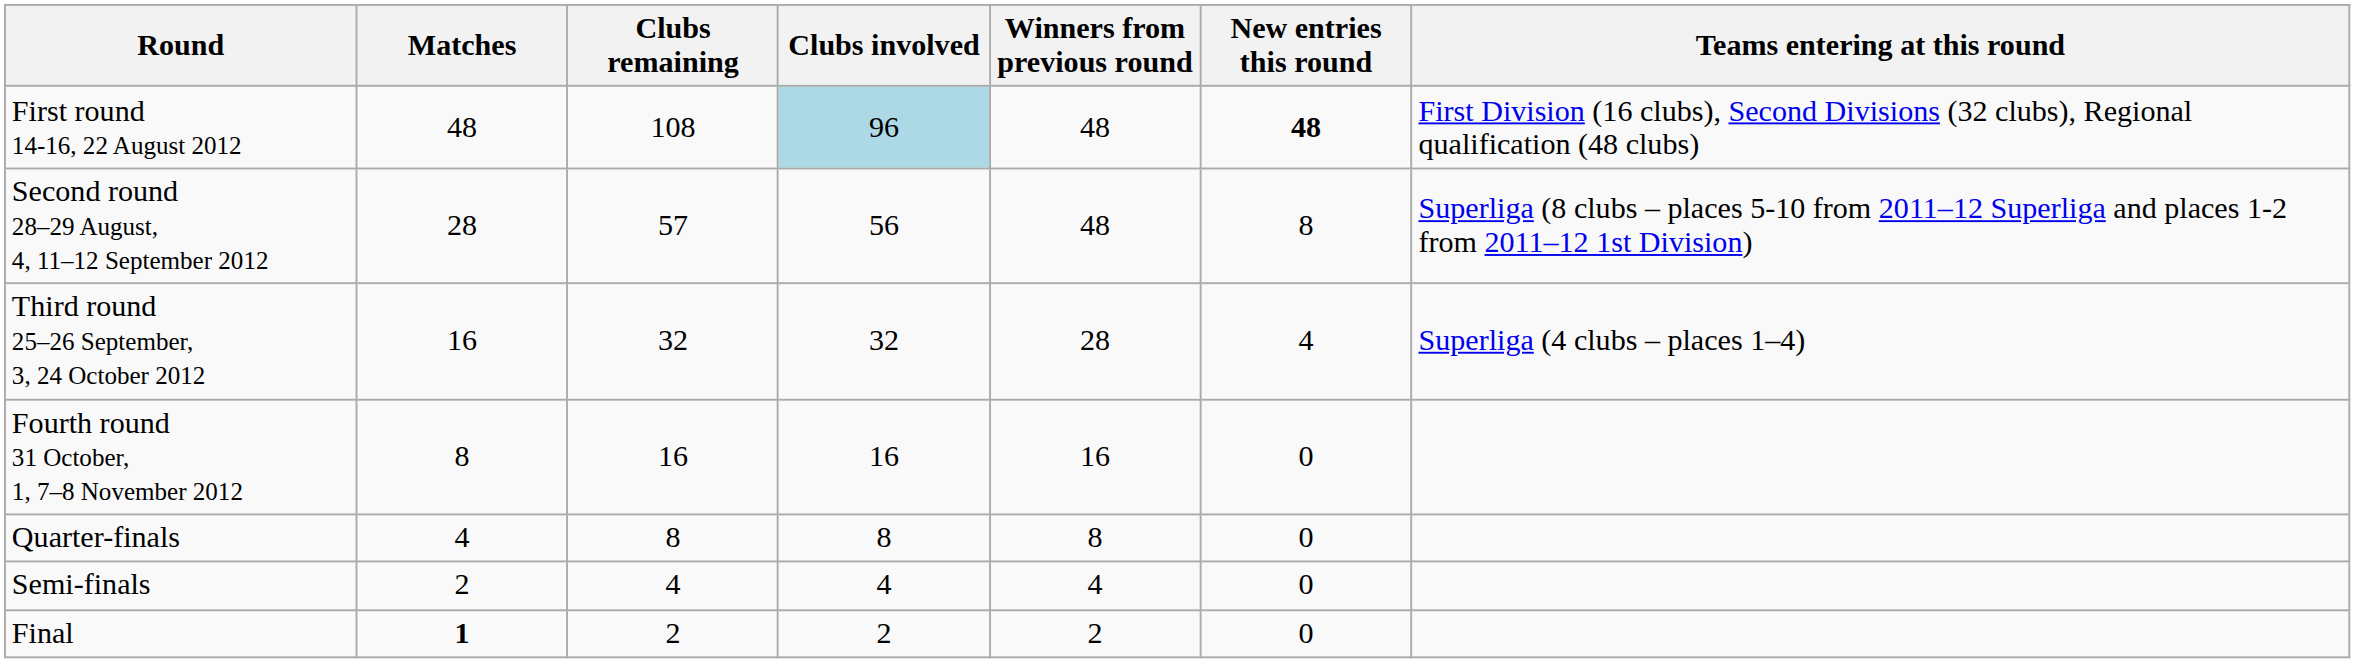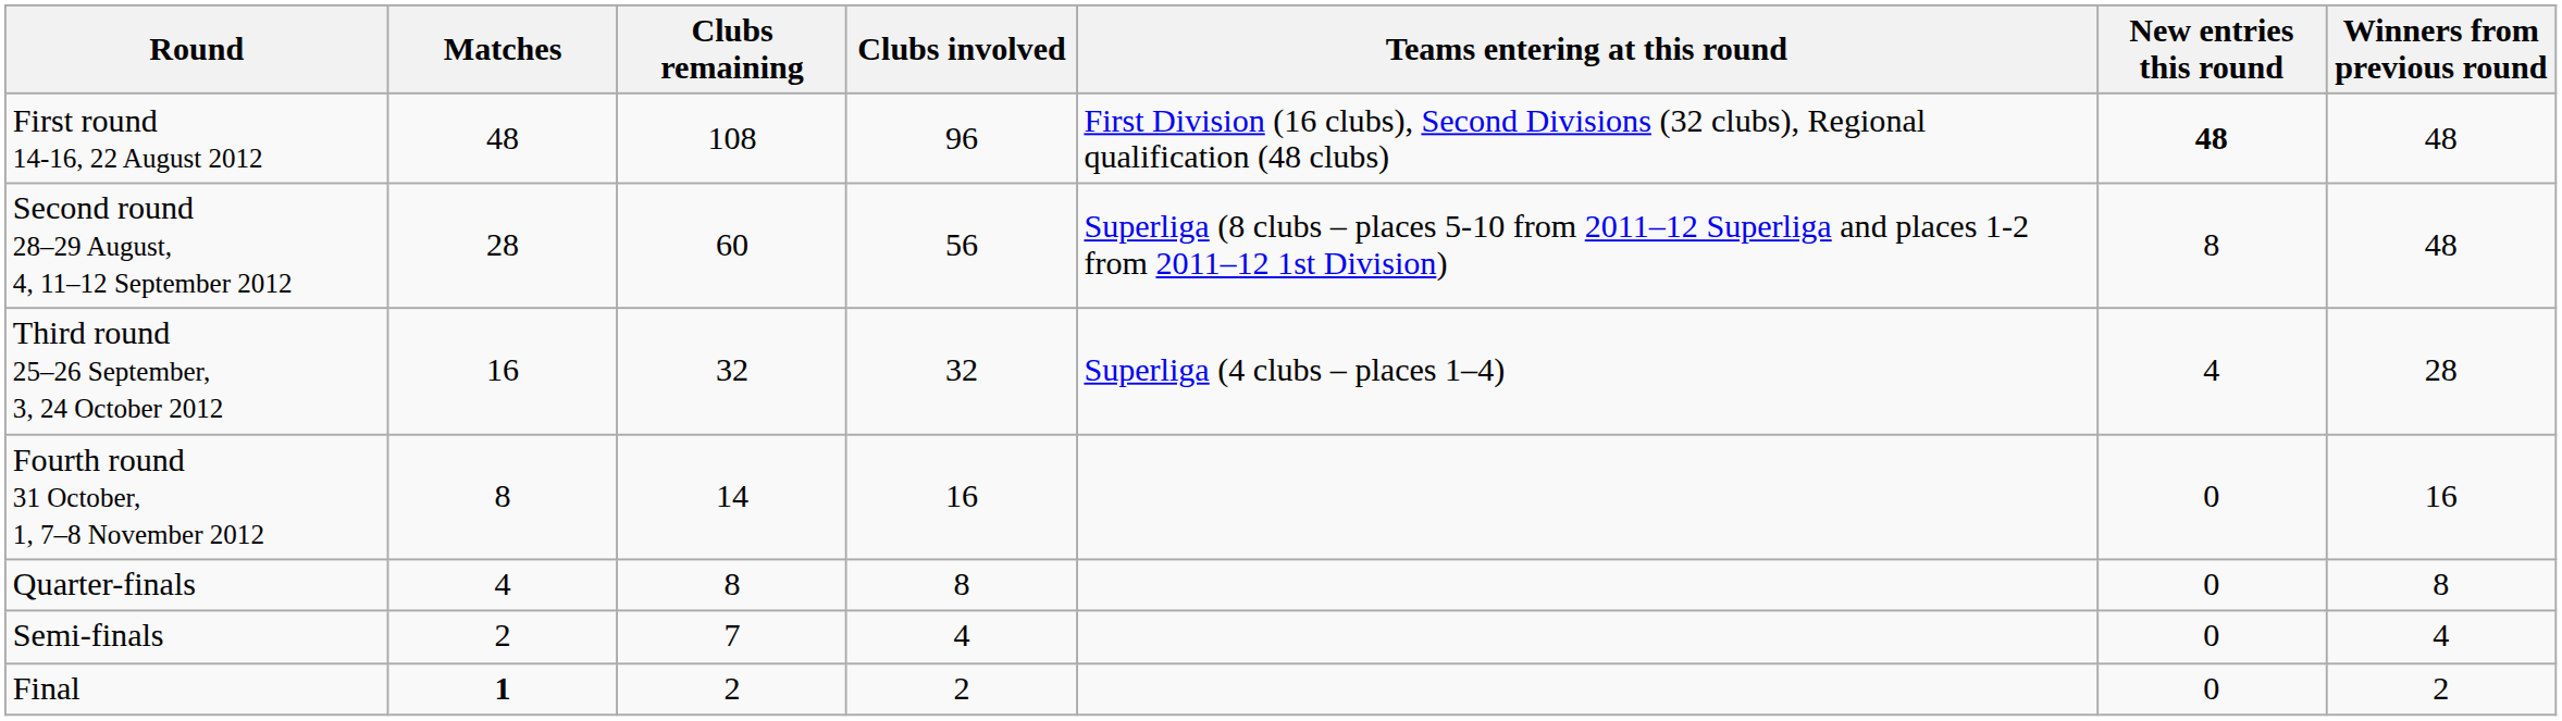 <table class="wikitable" style="text-align:center;">
 <tr>
 <th style="width:15%;">Round</th>
 <th style="width:9%;">Matches</th>
 <th style="width:9%;">Clubs remaining</th>
 <th style="width:9%;">Clubs involved</th>
+<th style="width:40%;">Teams entering at this round</th>
+<th style="widt9h:9%;">New entries this round</th>
 <th style="width:9%;">Winners from previous round</th>
-<th style="widt9h:9%;">New entries this round</th>
-<th style="width:40%;">Teams entering at this round</th>
 </tr>
 <tr>
 <td style="text-align:left;">First round<br><small>14-16, 22 August 2012</small></td>
 <td>48</td>
 <td>108</td>
-<td style="background: lightblue;">96</td>
+<td>96</td>
+<td style="text-align:left;"><a href='#'>First Division</a> (16 clubs), <a href='#'>Second Divisions</a> (32 clubs), Regional qualification (48 clubs)</td>
+<td><strong>48</strong></td>
 <td>48</td>
-<td><strong>48</strong></td>
-<td style="text-align:left;"><a href='#'>First Division</a> (16 clubs), <a href='#'>Second Divisions</a> (32 clubs), Regional qualification (48 clubs)</td>
 </tr>
 <tr>
 <td style="text-align:left;">Second round<br><small>28–29 August,<br>4, 11–12 September 2012</small></td>
 <td>28</td>
-<td>57</td>
+<td>60</td>
 <td>56</td>
+<td style="text-align:left;"><a href='#'>Superliga</a> (8 clubs – places 5-10 from <a href='#'>2011–12 Superliga</a> and places 1-2 from <a href='#'>2011–12 1st Division</a>)</td>
+<td>8</td>
 <td>48</td>
-<td>8</td>
-<td style="text-align:left;"><a href='#'>Superliga</a> (8 clubs – places 5-10 from <a href='#'>2011–12 Superliga</a> and places 1-2 from <a href='#'>2011–12 1st Division</a>)</td>
 </tr>
 <tr>
 <td style="text-align:left;">Third round<br><small>25–26 September,<br>3, 24 October 2012</small></td>
 <td>16</td>
 <td>32</td>
 <td>32</td>
+<td style="text-align:left;"><a href='#'>Superliga</a> (4 clubs – places 1–4)</td>
+<td>4</td>
 <td>28</td>
-<td>4</td>
-<td style="text-align:left;"><a href='#'>Superliga</a> (4 clubs – places 1–4)</td>
 </tr>
 <tr>
 <td style="text-align:left;">Fourth round<br><small>31 October,<br>1, 7–8 November 2012</small></td>
 <td>8</td>
+<td>14</td>
 <td>16</td>
+<td></td>
+<td>0</td>
 <td>16</td>
-<td>16</td>
-<td>0</td>
-<td></td>
 </tr>
 <tr>
 <td style="text-align:left;">Quarter-finals<br><small></small></td>
 <td>4</td>
 <td>8</td>
 <td>8</td>
+<td></td>
+<td>0</td>
 <td>8</td>
-<td>0</td>
-<td></td>
 </tr>
 <tr>
 <td style="text-align:left;">Semi-finals<br><small></small></td>
 <td>2</td>
+<td>7</td>
 <td>4</td>
+<td></td>
+<td>0</td>
 <td>4</td>
-<td>4</td>
-<td>0</td>
-<td></td>
 </tr>
 <tr>
 <td style="text-align:left;">Final<br><small></small></td>
 <td><strong>1</strong></td>
 <td>2</td>
 <td>2</td>
+<td></td>
+<td>0</td>
 <td>2</td>
-<td>0</td>
-<td></td>
 </tr>
 </table>
